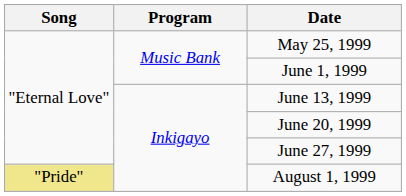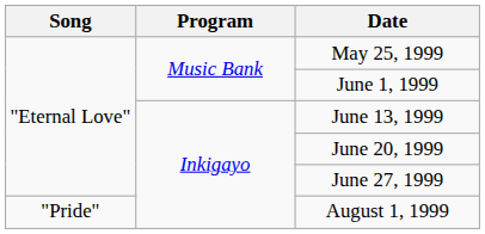 <table class="wikitable plainrowheaders" style="text-align:center">
 <tr>
 <th>Song</th>
 <th width="120">Program</th>
 <th width="140">Date</th>
 </tr>
 <tr>
 <td scope="row" rowspan="5">"Eternal Love"</td>
 <td rowspan="2"><a href='#'><em>Music Bank</em></a></td>
 <td>May 25, 1999</td>
 </tr>
 <tr>
 <td>June 1, 1999</td>
 </tr>
 <tr>
 <td rowspan="4"><em><a href='#'>Inkigayo</a></em></td>
 <td>June 13, 1999</td>
 </tr>
 <tr>
 <td>June 20, 1999</td>
 </tr>
 <tr>
 <td>June 27, 1999</td>
 </tr>
 <tr>
-<td scope="row" style="background: khaki;">"Pride"</td>
+<td scope="row">"Pride"</td>
 <td>August 1, 1999</td>
 </tr>
 </table>
